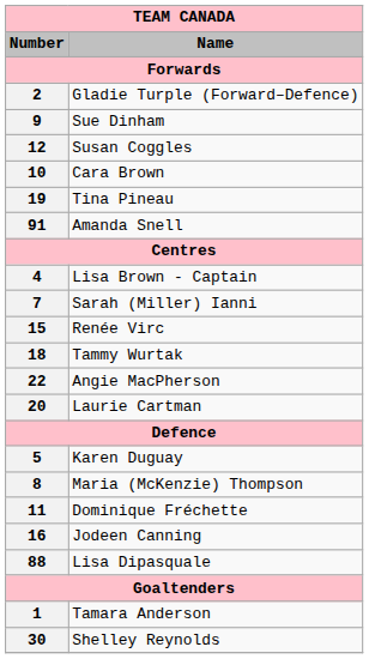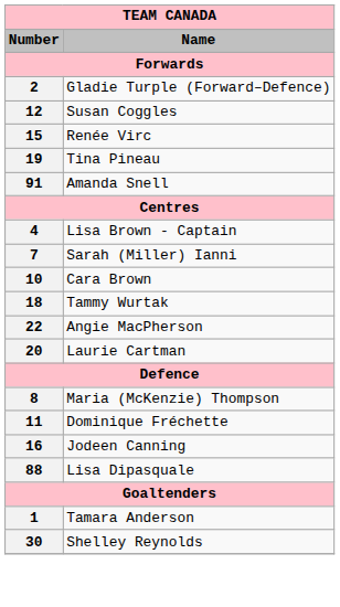 <table class="wikitable" style="text-align:left; font-size:90%;">
 <tr>
 <th style=background:pink colspan=2>TEAM CANADA</th>
 </tr>
 <tr>
 <th width=10 style="background:silver;">Number</th>
 <th style="background:silver;">Name</th>
 </tr>
 <tr>
 <th style=background:pink colspan=2>Forwards</th>
 </tr>
 <tr>
 <th>2</th>
 <td>Gladie Turple (Forward–Defence)</td>
 </tr>
 <tr>
-<th>9</th>
-<td>Sue Dinham</td>
-</tr>
-<tr>
 <th>12</th>
 <td>Susan Coggles</td>
 </tr>
 <tr>
-<th>10</th>
-<td>Cara Brown</td>
+<th>15</th>
+<td>Renée Virc</td>
 </tr>
 <tr>
 <th>19</th>
 <td>Tina Pineau</td>
 </tr>
 <tr>
 <th>91</th>
 <td>Amanda Snell</td>
 </tr>
 <tr>
 <th style=background:pink colspan=2>Centres</th>
 </tr>
 <tr>
 <th>4</th>
 <td>Lisa Brown - Captain</td>
 </tr>
 <tr>
 <th>7</th>
 <td>Sarah (Miller) Ianni</td>
 </tr>
 <tr>
-<th>15</th>
-<td>Renée Virc</td>
+<th>10</th>
+<td>Cara Brown</td>
 </tr>
 <tr>
 <th>18</th>
 <td>Tammy Wurtak</td>
 </tr>
 <tr>
 <th>22</th>
 <td>Angie MacPherson</td>
 </tr>
 <tr>
 <th>20</th>
 <td>Laurie Cartman</td>
 </tr>
 <tr>
 <th style=background:pink colspan=2>Defence</th>
-</tr>
-<tr>
-<th>5</th>
-<td>Karen Duguay</td>
 </tr>
 <tr>
 <th>8</th>
 <td>Maria (McKenzie) Thompson</td>
 </tr>
 <tr>
 <th>11</th>
 <td>Dominique Fréchette</td>
 </tr>
 <tr>
 <th>16</th>
 <td>Jodeen Canning</td>
 </tr>
 <tr>
 <th>88</th>
 <td>Lisa Dipasquale</td>
 </tr>
 <tr>
 <th style=background:pink colspan=2>Goaltenders</th>
 </tr>
 <tr>
 <th>1</th>
 <td>Tamara Anderson</td>
 </tr>
 <tr>
 <th>30</th>
 <td>Shelley Reynolds</td>
 </tr>
 <tr>
 </tr>
 </table>
